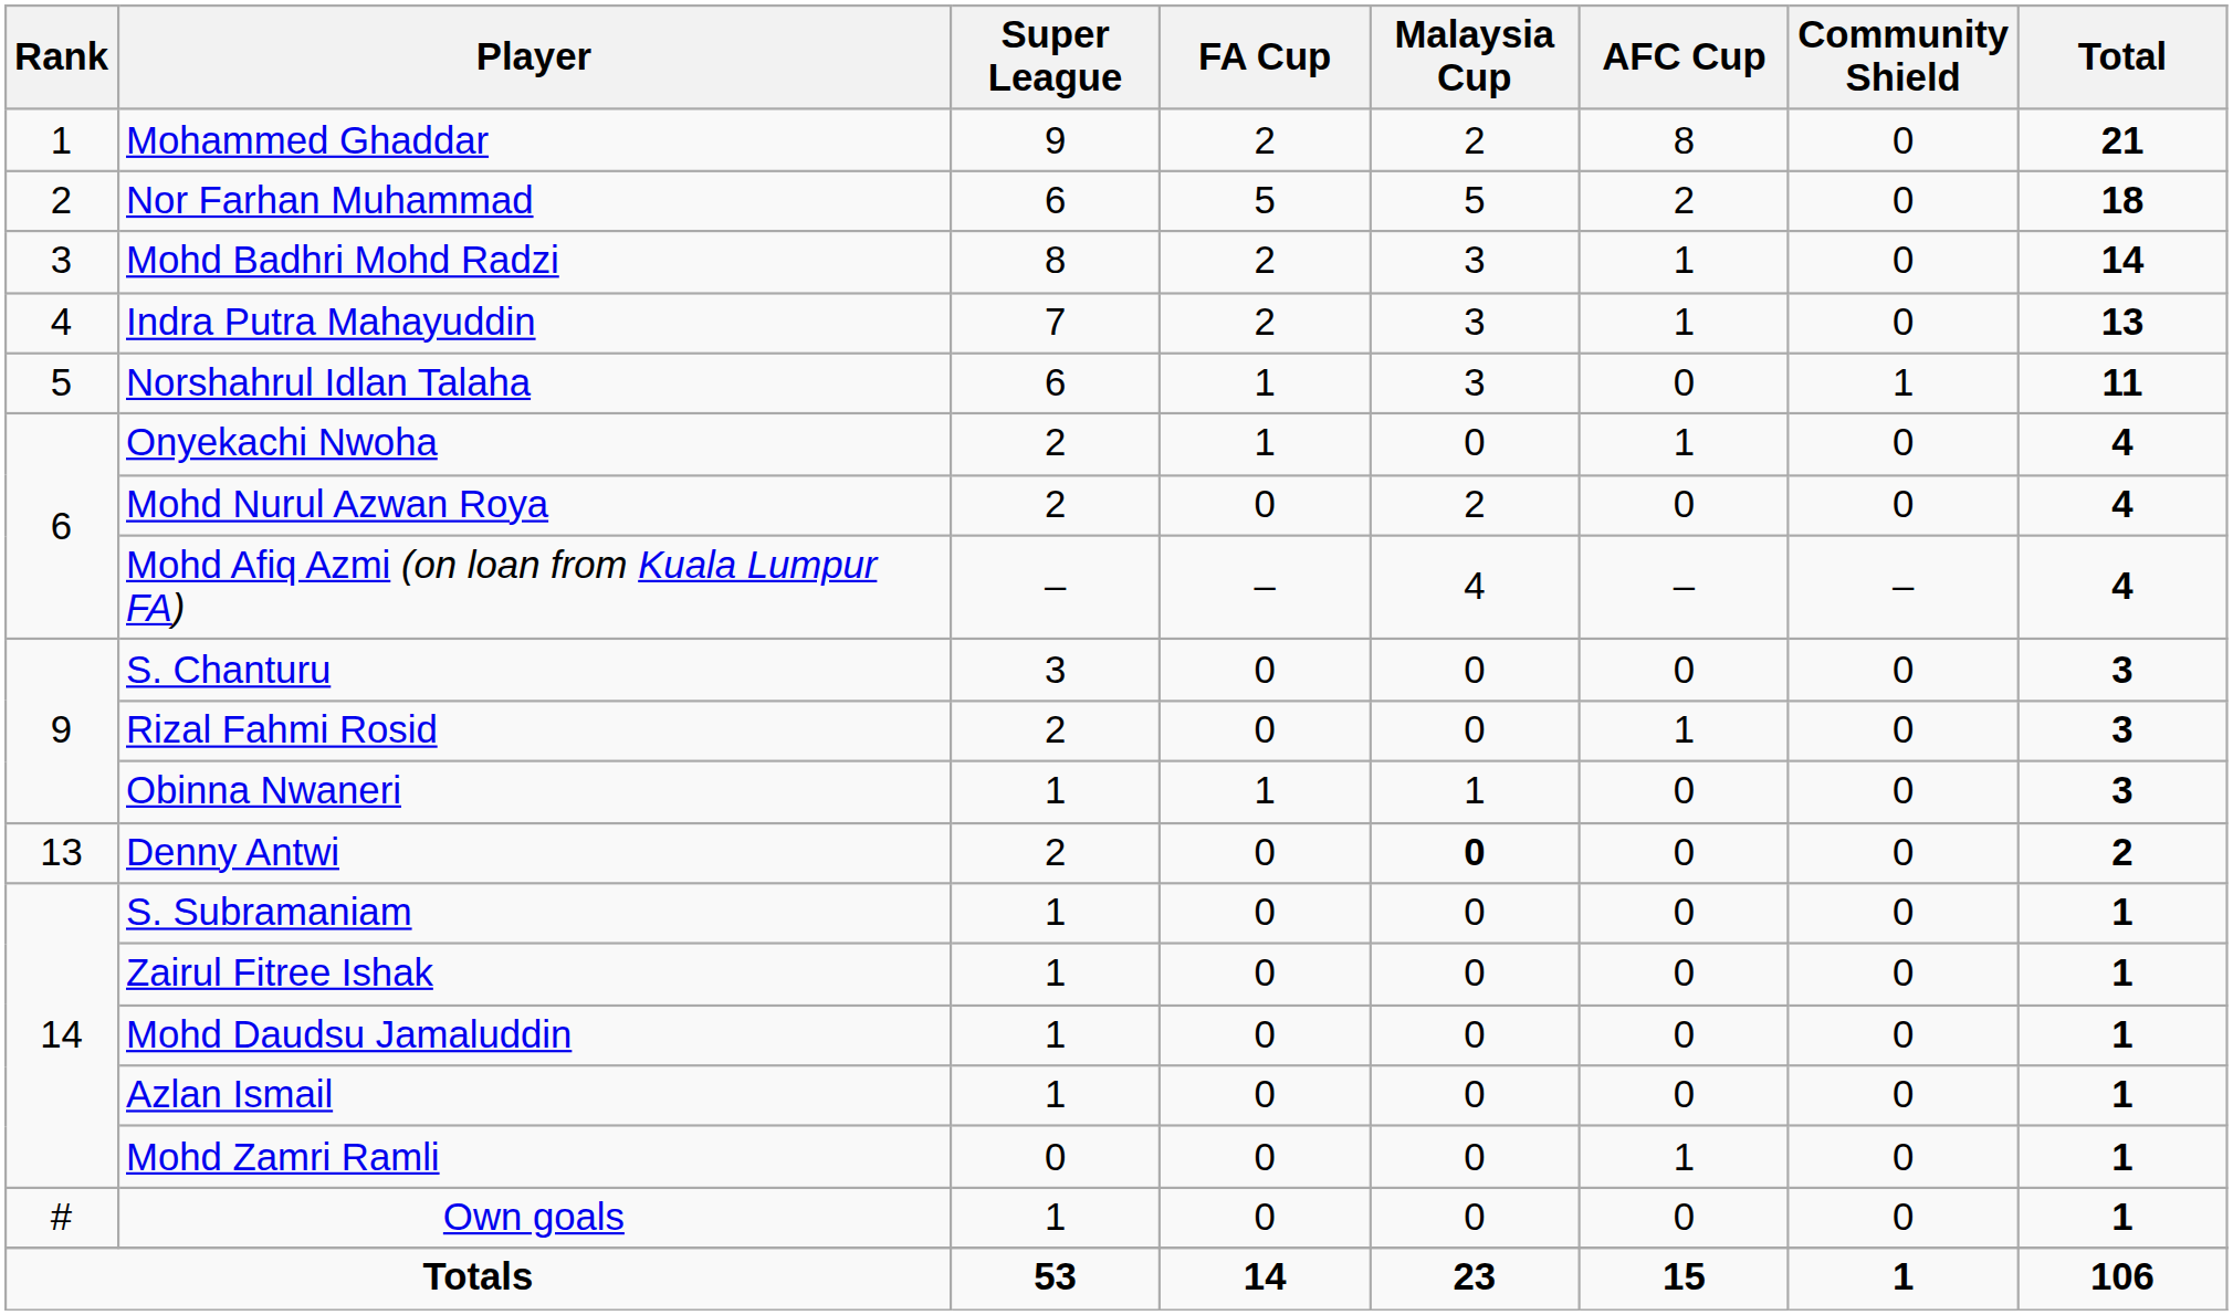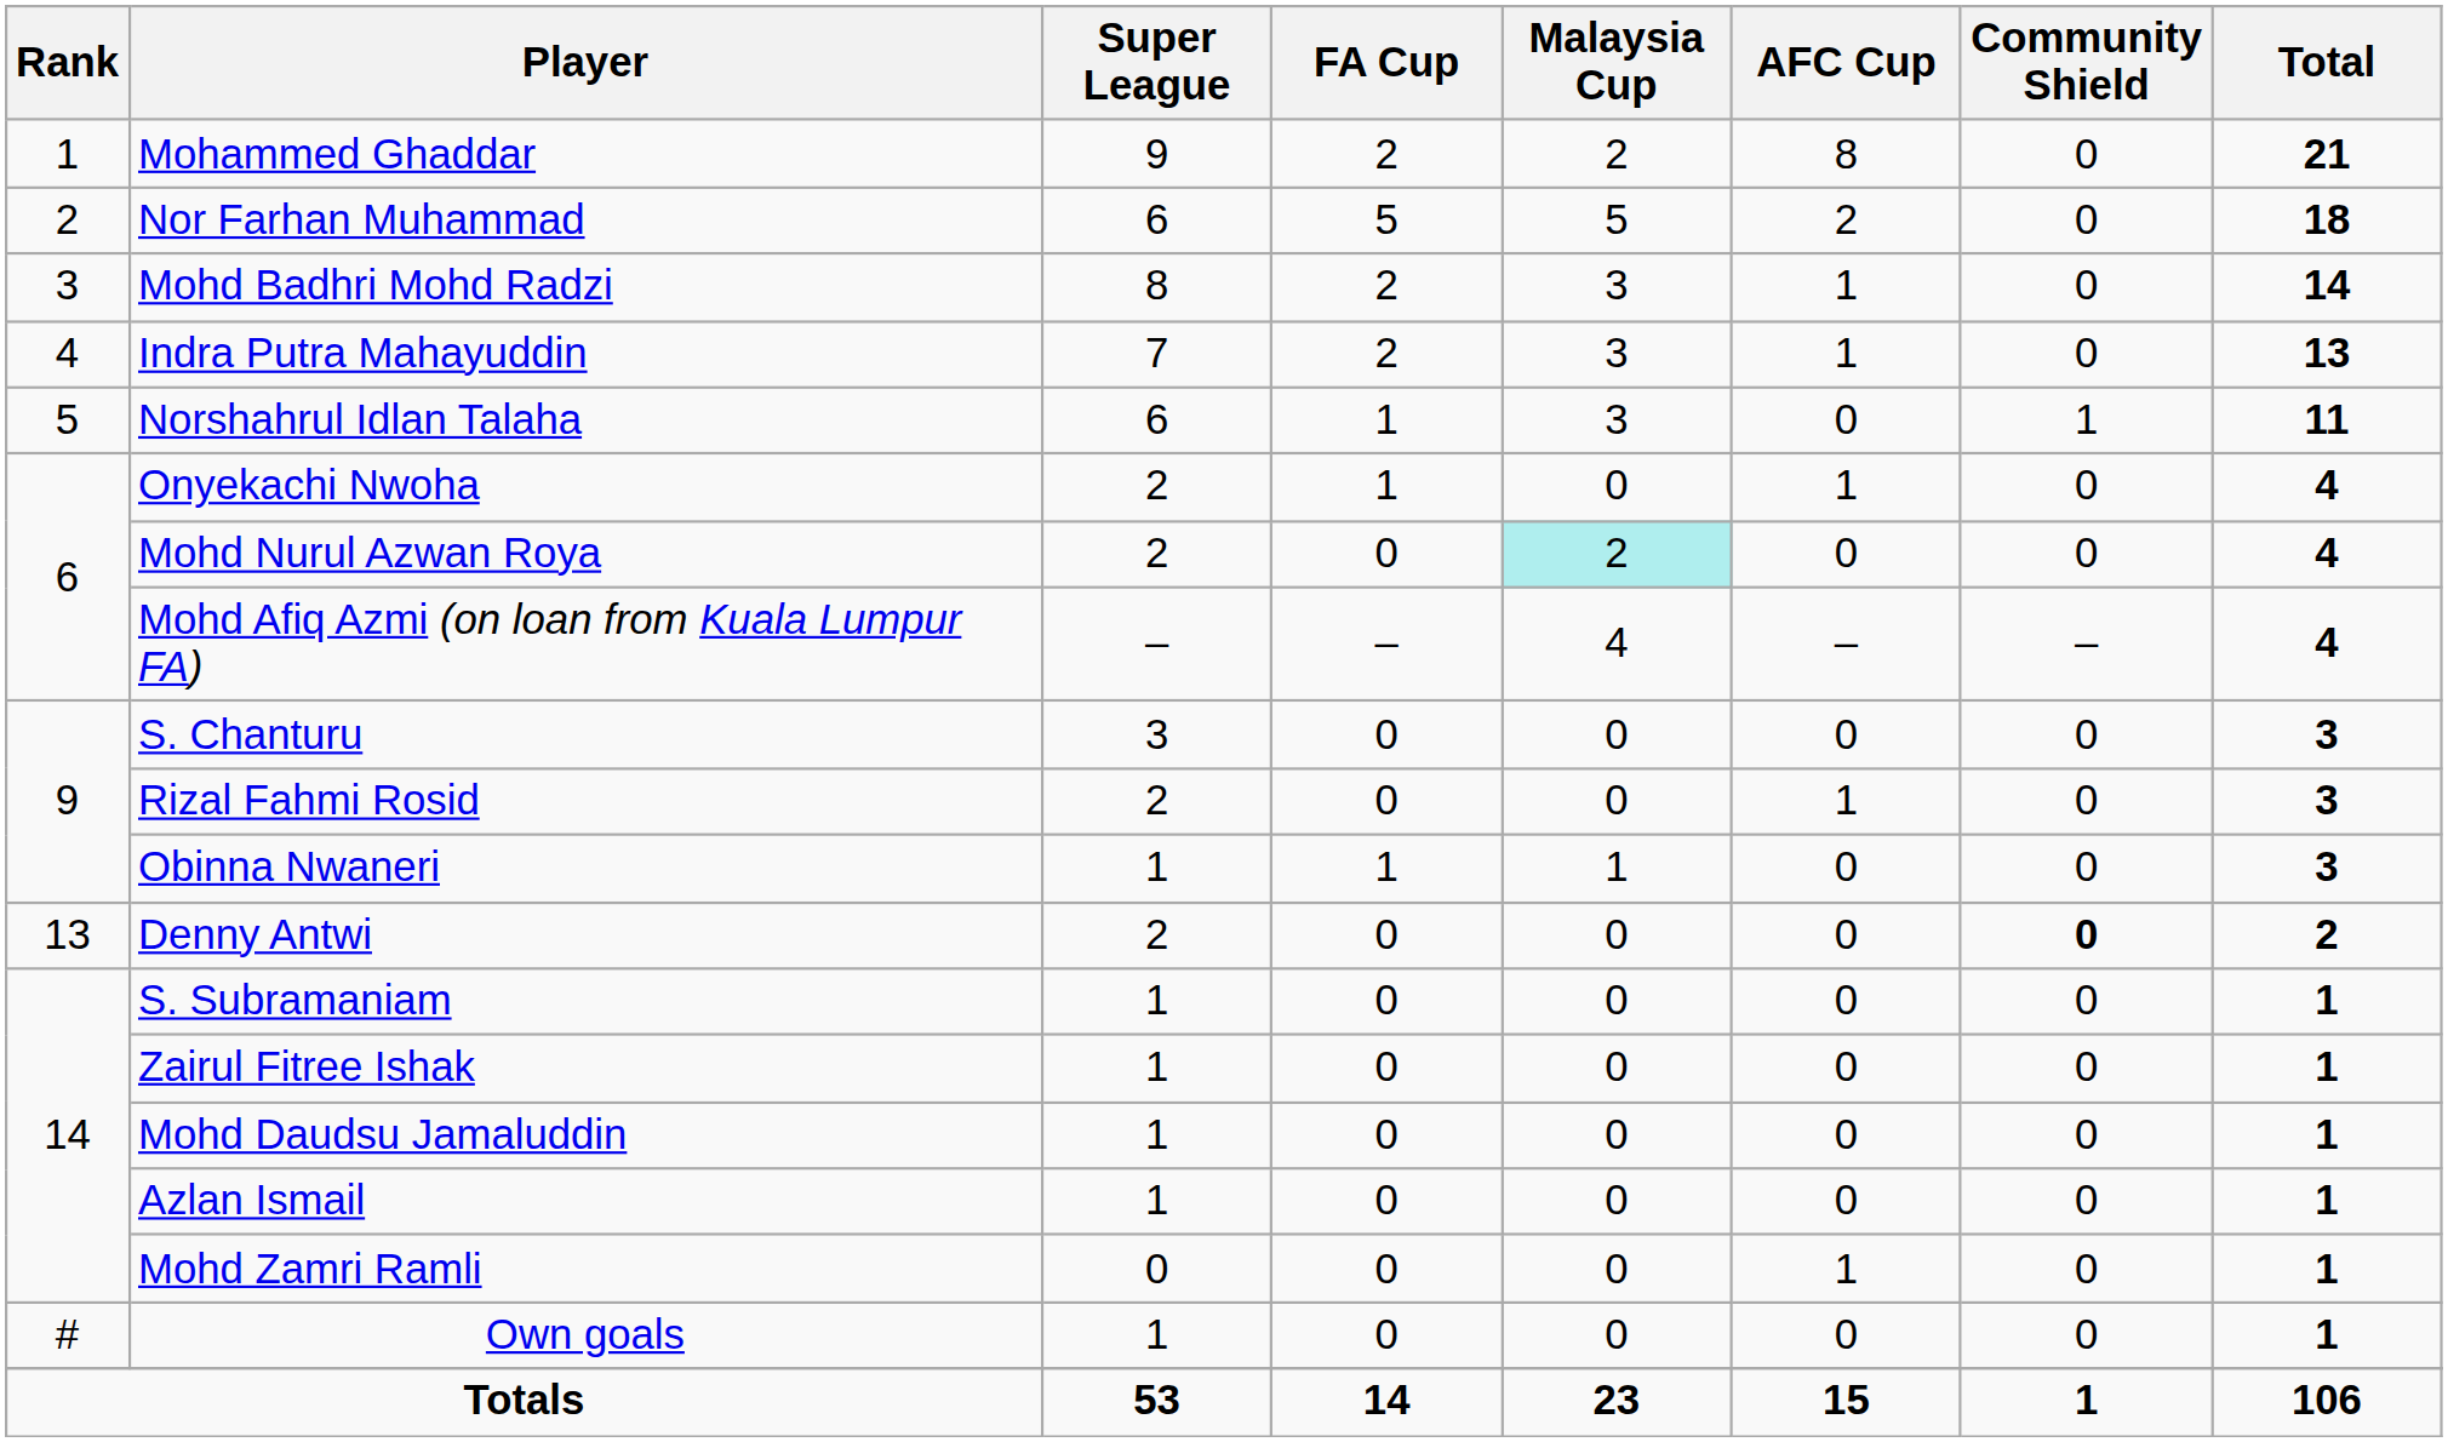 <table class="wikitable sortable" style="text-align:center;">
 <tr>
 <th width=20>Rank</th>
 <th width=340>Player</th>
 <th width=80>Super League</th>
 <th width=80>FA Cup</th>
 <th width=80>Malaysia Cup</th>
 <th width=80>AFC Cup</th>
 <th width=80>Community Shield</th>
 <th width=80>Total</th>
 </tr>
 <tr>
 <td>1</td>
 <td align=left> <a href='#'>Mohammed Ghaddar</a></td>
 <td>9</td>
 <td>2</td>
 <td>2</td>
 <td>8</td>
 <td>0</td>
 <td><strong>21</strong></td>
 </tr>
 <tr>
 <td>2</td>
 <td align=left> <a href='#'>Nor Farhan Muhammad</a></td>
 <td>6</td>
 <td>5</td>
 <td>5</td>
 <td>2</td>
 <td>0</td>
 <td><strong>18</strong></td>
 </tr>
 <tr>
 <td>3</td>
 <td align=left> <a href='#'>Mohd Badhri Mohd Radzi</a></td>
 <td>8</td>
 <td>2</td>
 <td>3</td>
 <td>1</td>
 <td>0</td>
 <td><strong>14</strong></td>
 </tr>
 <tr>
 <td>4</td>
 <td align=left> <a href='#'>Indra Putra Mahayuddin</a></td>
 <td>7</td>
 <td>2</td>
 <td>3</td>
 <td>1</td>
 <td>0</td>
 <td><strong>13</strong></td>
 </tr>
 <tr>
 <td>5</td>
 <td align=left> <a href='#'>Norshahrul Idlan Talaha</a></td>
 <td>6</td>
 <td>1</td>
 <td>3</td>
 <td>0</td>
 <td>1</td>
 <td><strong>11</strong></td>
 </tr>
 <tr>
 <td rowspan="3">6</td>
 <td align=left> <a href='#'>Onyekachi Nwoha</a></td>
 <td>2</td>
 <td>1</td>
 <td>0</td>
 <td>1</td>
 <td>0</td>
 <td><strong>4</strong></td>
 </tr>
 <tr>
 <td align=left> <a href='#'>Mohd Nurul Azwan Roya</a></td>
 <td>2</td>
 <td>0</td>
-<td>2</td>
+<td style="background: paleturquoise;">2</td>
 <td>0</td>
 <td>0</td>
 <td><strong>4</strong></td>
 </tr>
 <tr>
 <td align=left> <a href='#'>Mohd Afiq Azmi</a> <em>(on loan from <a href='#'>Kuala Lumpur FA</a>)</em></td>
 <td>–</td>
 <td>–</td>
 <td>4</td>
 <td>–</td>
 <td>–</td>
 <td><strong>4</strong></td>
 </tr>
 <tr>
 <td rowspan="3">9</td>
 <td align=left> <a href='#'>S. Chanturu</a></td>
 <td>3</td>
 <td>0</td>
 <td>0</td>
 <td>0</td>
 <td>0</td>
 <td><strong>3</strong></td>
 </tr>
 <tr>
 <td align=left> <a href='#'>Rizal Fahmi Rosid</a></td>
 <td>2</td>
 <td>0</td>
 <td>0</td>
 <td>1</td>
 <td>0</td>
 <td><strong>3</strong></td>
 </tr>
 <tr>
 <td align=left> <a href='#'>Obinna Nwaneri</a></td>
 <td>1</td>
 <td>1</td>
 <td>1</td>
 <td>0</td>
 <td>0</td>
 <td><strong>3</strong></td>
 </tr>
 <tr>
 <td>13</td>
 <td align=left> <a href='#'>Denny Antwi</a></td>
 <td>2</td>
 <td>0</td>
-<td><strong>0</strong></td>
 <td>0</td>
 <td>0</td>
+<td><strong>0</strong></td>
 <td><strong>2</strong></td>
 </tr>
 <tr>
 <td rowspan="5">14</td>
 <td align=left> <a href='#'>S. Subramaniam</a></td>
 <td>1</td>
 <td>0</td>
 <td>0</td>
 <td>0</td>
 <td>0</td>
 <td><strong>1</strong></td>
 </tr>
 <tr>
 <td align=left> <a href='#'>Zairul Fitree Ishak</a></td>
 <td>1</td>
 <td>0</td>
 <td>0</td>
 <td>0</td>
 <td>0</td>
 <td><strong>1</strong></td>
 </tr>
 <tr>
 <td align=left> <a href='#'>Mohd Daudsu Jamaluddin</a></td>
 <td>1</td>
 <td>0</td>
 <td>0</td>
 <td>0</td>
 <td>0</td>
 <td><strong>1</strong></td>
 </tr>
 <tr>
 <td align=left> <a href='#'>Azlan Ismail</a></td>
 <td>1</td>
 <td>0</td>
 <td>0</td>
 <td>0</td>
 <td>0</td>
 <td><strong>1</strong></td>
 </tr>
 <tr>
 <td align=left> <a href='#'>Mohd Zamri Ramli</a></td>
 <td>0</td>
 <td>0</td>
 <td>0</td>
 <td>1</td>
 <td>0</td>
 <td><strong>1</strong></td>
 </tr>
 <tr>
 <td>#</td>
 <td colspan="1"><a href='#'>Own goals</a></td>
 <td>1</td>
 <td>0</td>
 <td>0</td>
 <td>0</td>
 <td>0</td>
 <td><strong>1</strong></td>
 </tr>
 <tr>
 </tr>
 <tr class="sortbottom">
 <td colspan=2><strong>Totals</strong></td>
 <td><strong>53</strong></td>
 <td><strong>14</strong></td>
 <td><strong>23</strong></td>
 <td><strong>15</strong></td>
 <td><strong>1</strong></td>
 <td><strong>106</strong></td>
 </tr>
 </table>
